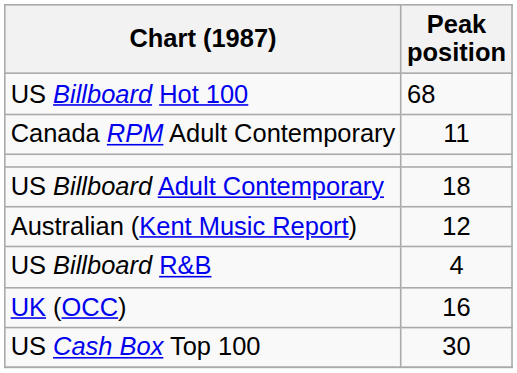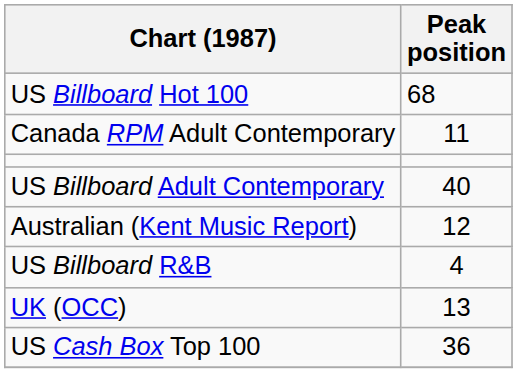 <table class="wikitable sortable">
 <tr>
 <th align="left">Chart (1987)</th>
 <th align="left">Peak<br>position</th>
 </tr>
 <tr>
 <td>US <em><a href='#'>Billboard</a></em> <a href='#'>Hot 100</a></td>
 <td>68</td>
 </tr>
 <tr>
 <td>Canada <em><a href='#'>RPM</a></em> Adult Contemporary</td>
 <td style="text-align:center;">11</td>
 </tr>
 <tr>
 <td></td>
 </tr>
 <tr>
 <td>US <em>Billboard</em> <a href='#'>Adult Contemporary</a></td>
-<td style="text-align:center;">18</td>
+<td style="text-align:center;">40</td>
 </tr>
 <tr>
 <td>Australian (<a href='#'>Kent Music Report</a>)</td>
 <td style="text-align:center;">12</td>
 </tr>
 <tr>
 <td>US <em>Billboard</em> <a href='#'>R&B</a></td>
 <td style="text-align:center;">4</td>
 </tr>
 <tr>
 <td><a href='#'>UK</a> (<a href='#'>OCC</a>)</td>
-<td style="text-align:center;">16</td>
+<td style="text-align:center;">13</td>
 </tr>
 <tr>
 <td>US <em><a href='#'>Cash Box</a></em> Top 100 </td>
-<td style="text-align:center;">30</td>
+<td style="text-align:center;">36</td>
 </tr>
 <tr>
 </tr>
 </table>
